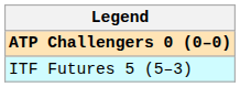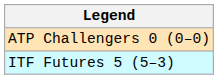 <table class=wikitable style=font-size:97%>
 <tr>
 <th>Legend</th>
 </tr>
 <tr style="background:moccasin;">
-<td><strong>ATP Challengers 0 (0–0)</strong></td>
+<td>ATP Challengers 0 (0–0)</td>
 </tr>
 <tr style="background:#cffcff;">
 <td>ITF Futures 5 (5–3)</td>
 </tr>
 </table>
